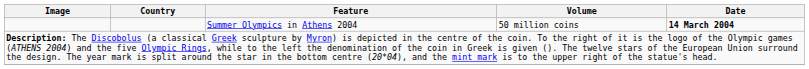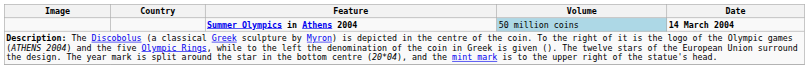 <table class="wikitable">
 <tr>
 <th>Image</th>
 <th>Country</th>
 <th>Feature</th>
 <th>Volume</th>
 <th>Date</th>
 </tr>
 <tr>
 <td width=160></td>
 <td></td>
-<td><a href='#'>Summer Olympics</a> in <a href='#'>Athens</a> 2004</td>
-<td>50 million coins</td>
+<td><strong><a href='#'>Summer Olympics</a> in <a href='#'>Athens</a> 2004</strong></td>
+<td style="background: lightblue;">50 million coins</td>
 <td><strong>14 March 2004</strong></td>
 </tr>
 <tr>
 <td colspan="5"><strong>Description:</strong> The <a href='#'>Discobolus</a> (a classical <a href='#'>Greek</a> sculpture by <a href='#'>Myron</a>) is depicted in the centre of the coin. To the right of it is the logo of the Olympic games (<em>ATHENS 2004</em>) and the five <a href='#'>Olympic Rings</a>, while to the left the denomination of the coin in Greek is given (<em></em>). The twelve stars of the European Union surround the design. The year mark is split around the star in the bottom centre (<em>20*04</em>), and the <a href='#'>mint mark</a> is to the upper right of the statue's head.</td>
 </tr>
 <tr>
 </tr>
 </table>
